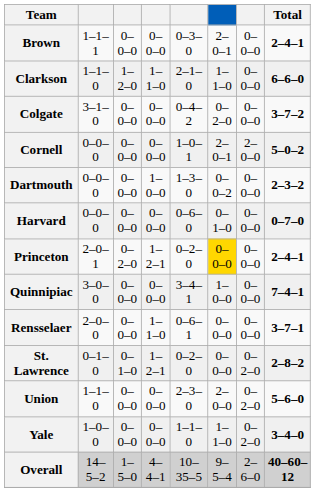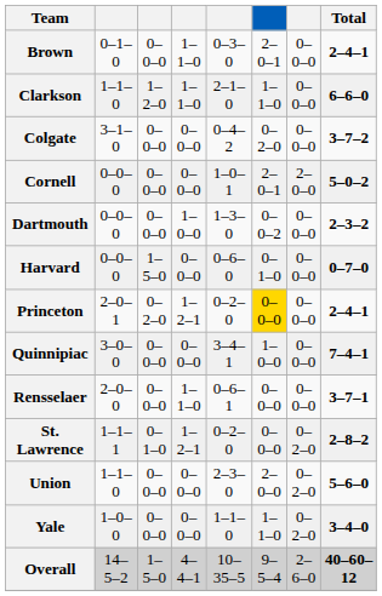 <table class="wikitable" style="text-align: center; "width=60%">
 <tr>
 <th>Team</th>
 <th><a href='#'></a></th>
 <th><a href='#'></a></th>
 <th><a href='#'></a></th>
 <th><a href='#'></a></th>
 <th style="color:white; background:#005EB8"><a href='#'></a></th>
 <th><a href='#'></a></th>
 <th>Total</th>
 </tr>
 <tr>
 <th>Brown</th>
-<td>1–1–1</td>
+<td>0–1–0</td>
 <td>0–0–0</td>
-<td>0–0–0</td>
+<td>1–1–0</td>
 <td>0–3–0</td>
 <td>2–0–1</td>
 <td>0–0–0</td>
 <td><strong>2–4–1</strong></td>
 </tr>
 <tr bgcolor=f0f0f0>
 <th>Clarkson</th>
 <td>1–1–0</td>
 <td>1–2–0</td>
 <td>1–1–0</td>
 <td>2–1–0</td>
 <td>1–1–0</td>
 <td>0–0–0</td>
 <td><strong>6–6–0</strong></td>
 </tr>
 <tr>
 <th>Colgate</th>
 <td>3–1–0</td>
 <td>0–0–0</td>
 <td>0–0–0</td>
 <td>0–4–2</td>
 <td>0–2–0</td>
 <td>0–0–0</td>
 <td><strong>3–7–2</strong></td>
 </tr>
 <tr bgcolor=f0f0f0>
 <th>Cornell</th>
 <td>0–0–0</td>
 <td>0–0–0</td>
 <td>0–0–0</td>
 <td>1–0–1</td>
 <td>2–0–1</td>
 <td>2–0–0</td>
 <td><strong>5–0–2</strong></td>
 </tr>
 <tr>
 <th>Dartmouth</th>
 <td>0–0–0</td>
 <td>0–0–0</td>
 <td>1–0–0</td>
 <td>1–3–0</td>
 <td>0–0–2</td>
 <td>0–0–0</td>
 <td><strong>2–3–2</strong></td>
 </tr>
 <tr bgcolor=f0f0f0>
 <th>Harvard</th>
 <td>0–0–0</td>
-<td>0–0–0</td>
+<td>1–5–0</td>
 <td>0–0–0</td>
 <td>0–6–0</td>
 <td>0–1–0</td>
 <td>0–0–0</td>
 <td><strong>0–7–0</strong></td>
 </tr>
 <tr>
 <th>Princeton</th>
 <td>2–0–1</td>
 <td>0–2–0</td>
 <td>1–2–1</td>
 <td>0–2–0</td>
 <td style="background: gold;">0–0–0</td>
 <td>0–0–0</td>
 <td><strong>2–4–1</strong></td>
 </tr>
 <tr bgcolor=f0f0f0>
 <th>Quinnipiac</th>
 <td>3–0–0</td>
 <td>0–0–0</td>
 <td>0–0–0</td>
 <td>3–4–1</td>
 <td>1–0–0</td>
 <td>0–0–0</td>
 <td><strong>7–4–1</strong></td>
 </tr>
 <tr>
 <th>Rensselaer</th>
 <td>2–0–0</td>
 <td>0–0–0</td>
 <td>1–1–0</td>
 <td>0–6–1</td>
 <td>0–0–0</td>
 <td>0–0–0</td>
 <td><strong>3–7–1</strong></td>
 </tr>
 <tr bgcolor=f0f0f0>
 <th>St. Lawrence</th>
-<td>0–1–0</td>
+<td>1–1–1</td>
 <td>0–1–0</td>
 <td>1–2–1</td>
 <td>0–2–0</td>
 <td>0–0–0</td>
 <td>0–2–0</td>
 <td><strong>2–8–2</strong></td>
 </tr>
 <tr>
 <th>Union</th>
 <td>1–1–0</td>
 <td>0–0–0</td>
 <td>0–0–0</td>
 <td>2–3–0</td>
 <td>2–0–0</td>
 <td>0–2–0</td>
 <td><strong>5–6–0</strong></td>
 </tr>
 <tr bgcolor=f0f0f0>
 <th>Yale</th>
 <td>1–0–0</td>
 <td>0–0–0</td>
 <td>0–0–0</td>
 <td>1–1–0</td>
 <td>1–1–0</td>
 <td>0–2–0</td>
 <td><strong>3–4–0</strong></td>
 </tr>
 <tr bgcolor=d0d0d0>
 <th>Overall</th>
 <td>14–5–2</td>
 <td>1–5–0</td>
 <td>4–4–1</td>
 <td>10–35–5</td>
 <td>9–5–4</td>
 <td>2–6–0</td>
 <td><strong>40–60–12</strong></td>
 </tr>
 <tr>
 </tr>
 </table>
